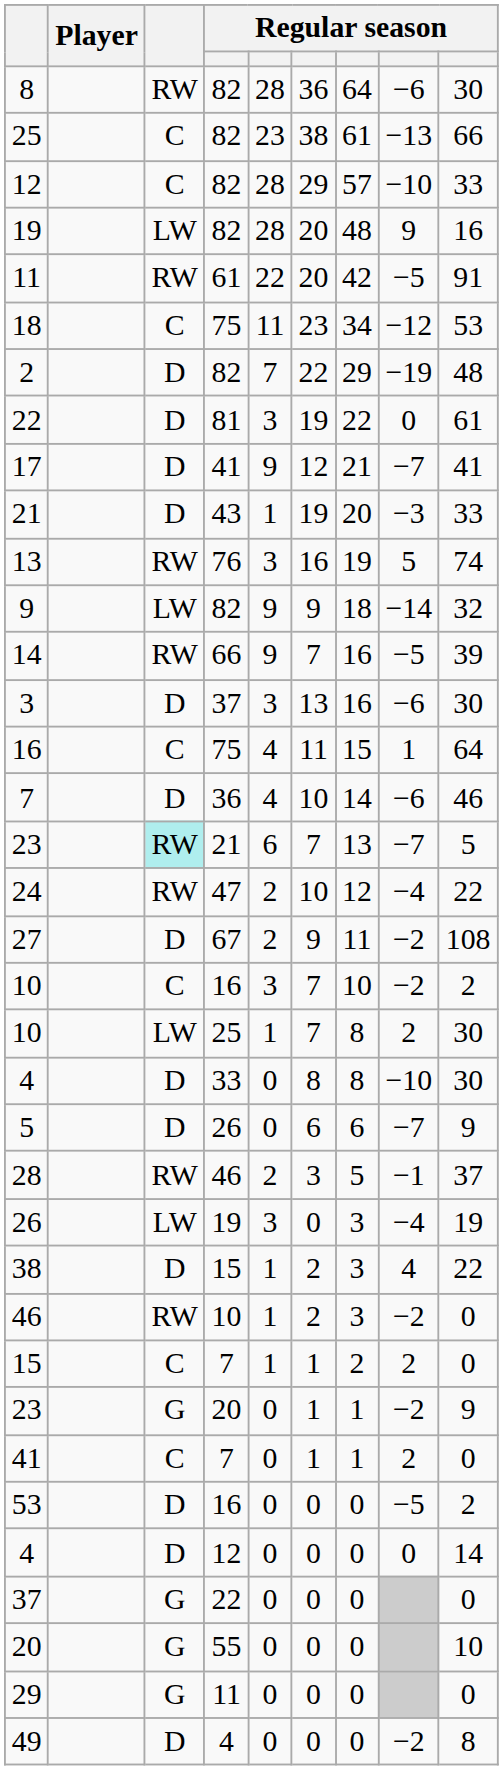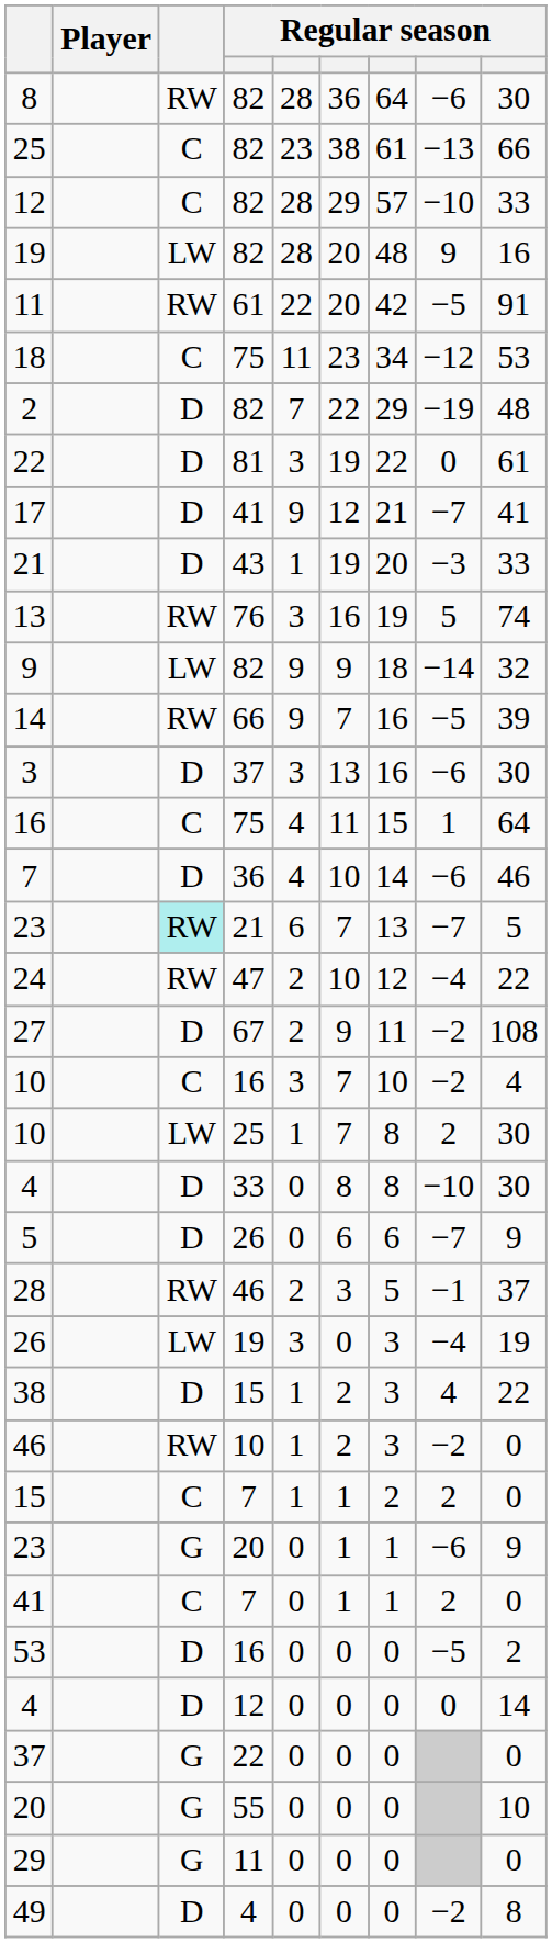 <table class="wikitable sortable plainrowheaders" style="text-align:center;">
 <tr>
 <th scope="col" data-sort-type="number" rowspan="2"></th>
 <th scope="col" rowspan="2">Player</th>
 <th scope="col" rowspan="2"></th>
 <th scope=colgroup colspan=6>Regular season</th>
 </tr>
 <tr>
 <th scope="col" data-sort-type="number"></th>
 <th scope="col" data-sort-type="number"></th>
 <th scope="col" data-sort-type="number"></th>
 <th scope="col" data-sort-type="number"></th>
 <th scope="col" data-sort-type="number"></th>
 <th scope="col" data-sort-type="number"></th>
 </tr>
 <tr>
 <td scope="row">8</td>
 <td align="left"></td>
 <td>RW</td>
 <td>82</td>
 <td>28</td>
 <td>36</td>
 <td>64</td>
 <td>−6</td>
 <td>30</td>
 </tr>
 <tr>
 <td scope="row">25</td>
 <td align="left"></td>
 <td>C</td>
 <td>82</td>
 <td>23</td>
 <td>38</td>
 <td>61</td>
 <td>−13</td>
 <td>66</td>
 </tr>
 <tr>
 <td scope="row">12</td>
 <td align="left"></td>
 <td>C</td>
 <td>82</td>
 <td>28</td>
 <td>29</td>
 <td>57</td>
 <td>−10</td>
 <td>33</td>
 </tr>
 <tr>
 <td scope="row">19</td>
 <td align="left"></td>
 <td>LW</td>
 <td>82</td>
 <td>28</td>
 <td>20</td>
 <td>48</td>
 <td>9</td>
 <td>16</td>
 </tr>
 <tr>
 <td scope="row">11</td>
 <td align="left"></td>
 <td>RW</td>
 <td>61</td>
 <td>22</td>
 <td>20</td>
 <td>42</td>
 <td>−5</td>
 <td>91</td>
 </tr>
 <tr>
 <td scope="row">18</td>
 <td align="left"></td>
 <td>C</td>
 <td>75</td>
 <td>11</td>
 <td>23</td>
 <td>34</td>
 <td>−12</td>
 <td>53</td>
 </tr>
 <tr>
 <td scope="row">2</td>
 <td align="left"></td>
 <td>D</td>
 <td>82</td>
 <td>7</td>
 <td>22</td>
 <td>29</td>
 <td>−19</td>
 <td>48</td>
 </tr>
 <tr>
 <td scope="row">22</td>
 <td align="left"></td>
 <td>D</td>
 <td>81</td>
 <td>3</td>
 <td>19</td>
 <td>22</td>
 <td>0</td>
 <td>61</td>
 </tr>
 <tr>
 <td scope="row">17</td>
 <td align="left"></td>
 <td>D</td>
 <td>41</td>
 <td>9</td>
 <td>12</td>
 <td>21</td>
 <td>−7</td>
 <td>41</td>
 </tr>
 <tr>
 <td scope="row">21</td>
 <td align="left"></td>
 <td>D</td>
 <td>43</td>
 <td>1</td>
 <td>19</td>
 <td>20</td>
 <td>−3</td>
 <td>33</td>
 </tr>
 <tr>
 <td scope="row">13</td>
 <td align="left"></td>
 <td>RW</td>
 <td>76</td>
 <td>3</td>
 <td>16</td>
 <td>19</td>
 <td>5</td>
 <td>74</td>
 </tr>
 <tr>
 <td scope="row">9</td>
 <td align="left"></td>
 <td>LW</td>
 <td>82</td>
 <td>9</td>
 <td>9</td>
 <td>18</td>
 <td>−14</td>
 <td>32</td>
 </tr>
 <tr>
 <td scope="row">14</td>
 <td align="left"></td>
 <td>RW</td>
 <td>66</td>
 <td>9</td>
 <td>7</td>
 <td>16</td>
 <td>−5</td>
 <td>39</td>
 </tr>
 <tr>
 <td scope="row">3</td>
 <td align="left"></td>
 <td>D</td>
 <td>37</td>
 <td>3</td>
 <td>13</td>
 <td>16</td>
 <td>−6</td>
 <td>30</td>
 </tr>
 <tr>
 <td scope="row">16</td>
 <td align="left"></td>
 <td>C</td>
 <td>75</td>
 <td>4</td>
 <td>11</td>
 <td>15</td>
 <td>1</td>
 <td>64</td>
 </tr>
 <tr>
 <td scope="row">7</td>
 <td align="left"></td>
 <td>D</td>
 <td>36</td>
 <td>4</td>
 <td>10</td>
 <td>14</td>
 <td>−6</td>
 <td>46</td>
 </tr>
 <tr>
 <td scope="row">23</td>
 <td align="left"></td>
 <td style="background: paleturquoise;">RW</td>
 <td>21</td>
 <td>6</td>
 <td>7</td>
 <td>13</td>
 <td>−7</td>
 <td>5</td>
 </tr>
 <tr>
 <td scope="row">24</td>
 <td align="left"></td>
 <td>RW</td>
 <td>47</td>
 <td>2</td>
 <td>10</td>
 <td>12</td>
 <td>−4</td>
 <td>22</td>
 </tr>
 <tr>
 <td scope="row">27</td>
 <td align="left"></td>
 <td>D</td>
 <td>67</td>
 <td>2</td>
 <td>9</td>
 <td>11</td>
 <td>−2</td>
 <td>108</td>
 </tr>
 <tr>
 <td scope="row">10</td>
 <td align="left"></td>
 <td>C</td>
 <td>16</td>
 <td>3</td>
 <td>7</td>
 <td>10</td>
 <td>−2</td>
-<td>2</td>
+<td>4</td>
 </tr>
 <tr>
 <td scope="row">10</td>
 <td align="left"></td>
 <td>LW</td>
 <td>25</td>
 <td>1</td>
 <td>7</td>
 <td>8</td>
 <td>2</td>
 <td>30</td>
 </tr>
 <tr>
 <td scope="row">4</td>
 <td align="left"></td>
 <td>D</td>
 <td>33</td>
 <td>0</td>
 <td>8</td>
 <td>8</td>
 <td>−10</td>
 <td>30</td>
 </tr>
 <tr>
 <td scope="row">5</td>
 <td align="left"></td>
 <td>D</td>
 <td>26</td>
 <td>0</td>
 <td>6</td>
 <td>6</td>
 <td>−7</td>
 <td>9</td>
 </tr>
 <tr>
 <td scope="row">28</td>
 <td align="left"></td>
 <td>RW</td>
 <td>46</td>
 <td>2</td>
 <td>3</td>
 <td>5</td>
 <td>−1</td>
 <td>37</td>
 </tr>
 <tr>
 <td scope="row">26</td>
 <td align="left"></td>
 <td>LW</td>
 <td>19</td>
 <td>3</td>
 <td>0</td>
 <td>3</td>
 <td>−4</td>
 <td>19</td>
 </tr>
 <tr>
 <td scope="row">38</td>
 <td align="left"></td>
 <td>D</td>
 <td>15</td>
 <td>1</td>
 <td>2</td>
 <td>3</td>
 <td>4</td>
 <td>22</td>
 </tr>
 <tr>
 <td scope="row">46</td>
 <td align="left"></td>
 <td>RW</td>
 <td>10</td>
 <td>1</td>
 <td>2</td>
 <td>3</td>
 <td>−2</td>
 <td>0</td>
 </tr>
 <tr>
 <td scope="row">15</td>
 <td align="left"></td>
 <td>C</td>
 <td>7</td>
 <td>1</td>
 <td>1</td>
 <td>2</td>
 <td>2</td>
 <td>0</td>
 </tr>
 <tr>
 <td scope="row">23</td>
 <td align="left"></td>
 <td>G</td>
 <td>20</td>
 <td>0</td>
 <td>1</td>
 <td>1</td>
-<td>−2</td>
+<td>−6</td>
 <td>9</td>
 </tr>
 <tr>
 <td scope="row">41</td>
 <td align="left"></td>
 <td>C</td>
 <td>7</td>
 <td>0</td>
 <td>1</td>
 <td>1</td>
 <td>2</td>
 <td>0</td>
 </tr>
 <tr>
 <td scope="row">53</td>
 <td align="left"></td>
 <td>D</td>
 <td>16</td>
 <td>0</td>
 <td>0</td>
 <td>0</td>
 <td>−5</td>
 <td>2</td>
 </tr>
 <tr>
 <td scope="row">4</td>
 <td align="left"></td>
 <td>D</td>
 <td>12</td>
 <td>0</td>
 <td>0</td>
 <td>0</td>
 <td>0</td>
 <td>14</td>
 </tr>
 <tr>
 <td scope="row">37</td>
 <td align="left"></td>
 <td>G</td>
 <td>22</td>
 <td>0</td>
 <td>0</td>
 <td>0</td>
 <td style="background:#ccc"></td>
 <td>0</td>
 </tr>
 <tr>
 <td scope="row">20</td>
 <td align="left"></td>
 <td>G</td>
 <td>55</td>
 <td>0</td>
 <td>0</td>
 <td>0</td>
 <td style="background:#ccc"></td>
 <td>10</td>
 </tr>
 <tr>
 <td scope="row">29</td>
 <td align="left"></td>
 <td>G</td>
 <td>11</td>
 <td>0</td>
 <td>0</td>
 <td>0</td>
 <td style="background:#ccc"></td>
 <td>0</td>
 </tr>
 <tr>
 <td scope="row">49</td>
 <td align="left"></td>
 <td>D</td>
 <td>4</td>
 <td>0</td>
 <td>0</td>
 <td>0</td>
 <td>−2</td>
 <td>8</td>
 </tr>
 </table>
